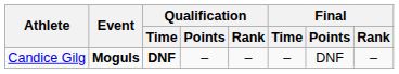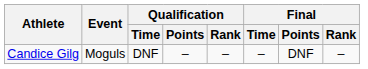 <table class="wikitable" style="font-size:90%">
 <tr>
 <th rowspan="2">Athlete</th>
 <th rowspan="2">Event</th>
 <th colspan="3">Qualification</th>
 <th colspan="3">Final</th>
 </tr>
 <tr>
 <th>Time</th>
 <th>Points</th>
 <th>Rank</th>
 <th>Time</th>
 <th>Points</th>
 <th>Rank</th>
 </tr>
 <tr>
 <td><a href='#'>Candice Gilg</a></td>
-<td><strong>Moguls</strong></td>
-<td align="center"><strong>DNF</strong></td>
+<td>Moguls</td>
+<td align="center">DNF</td>
 <td align="center">–</td>
 <td align="center">–</td>
 <td align="center">–</td>
 <td align="center">DNF</td>
 <td align="center">–</td>
 </tr>
 </table>
